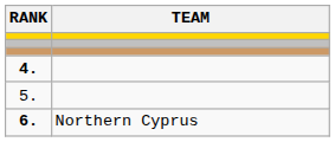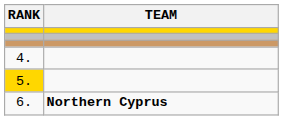 <table class="wikitable" style="border-collapse: collapse; font-size: 90%;">
 <tr>
 <th>RANK</th>
 <th align="left" style="width: 17em">TEAM</th>
 </tr>
 <tr bgcolor=gold>
 <td align="center"></td>
 <td></td>
 </tr>
 <tr bgcolor=silver>
 <td align="center"></td>
 <td></td>
 </tr>
 <tr bgcolor=cc9966>
 <td align="center"></td>
 <td></td>
 </tr>
 <tr>
-<td align="center"><strong>4.</strong></td>
+<td align="center">4.</td>
 <td></td>
 </tr>
 <tr>
-<td align="center">5.</td>
+<td align="center" style="background: gold;">5.</td>
 <td></td>
 </tr>
 <tr>
-<td align="center"><strong>6.</strong></td>
-<td> Northern Cyprus</td>
+<td align="center">6.</td>
+<td><strong> Northern Cyprus</strong></td>
 </tr>
 </table>
